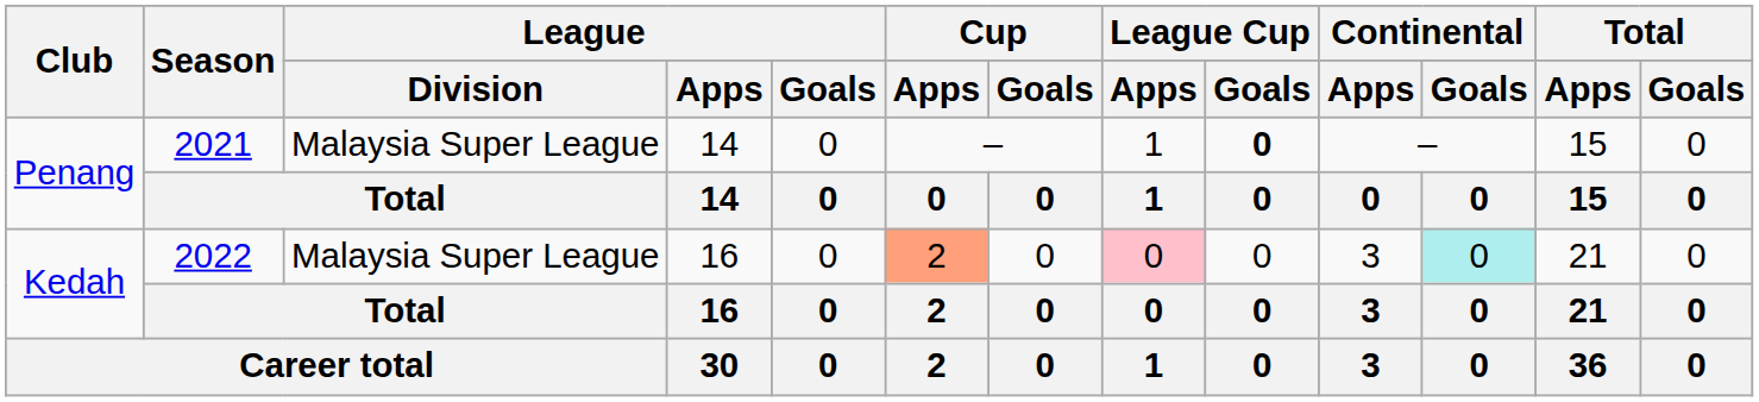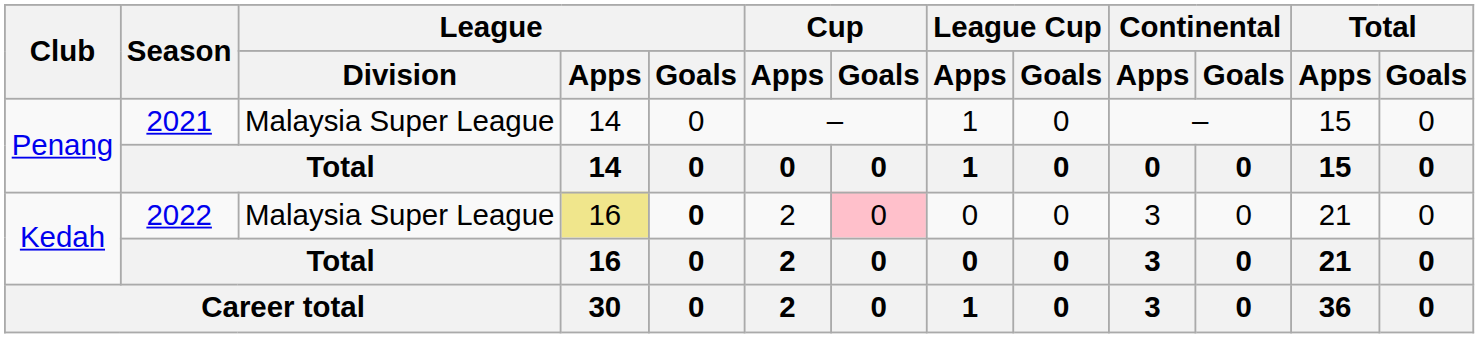 <table class=wikitable style="text-align:center">
 <tr>
 <th rowspan=2>Club</th>
 <th rowspan=2>Season</th>
 <th colspan=3>League</th>
 <th colspan=2>Cup</th>
 <th colspan=2>League Cup</th>
 <th colspan=2>Continental</th>
 <th colspan=2>Total</th>
 </tr>
 <tr>
 <th>Division</th>
 <th>Apps</th>
 <th>Goals</th>
 <th>Apps</th>
 <th>Goals</th>
 <th>Apps</th>
 <th>Goals</th>
 <th>Apps</th>
 <th>Goals</th>
 <th>Apps</th>
 <th>Goals</th>
 </tr>
 <tr>
 <td rowspan="2"><a href='#'>Penang</a></td>
 <td><a href='#'>2021</a></td>
 <td>Malaysia Super League</td>
 <td>14</td>
 <td>0</td>
 <td colspan="2">–</td>
 <td>1</td>
-<td><strong>0</strong></td>
+<td>0</td>
 <td colspan="2">–</td>
 <td>15</td>
 <td>0</td>
 </tr>
 <tr>
 <th colspan=2>Total</th>
 <th>14</th>
 <th>0</th>
 <th>0</th>
 <th>0</th>
 <th>1</th>
 <th>0</th>
 <th>0</th>
 <th>0</th>
 <th>15</th>
 <th>0</th>
 </tr>
 <tr>
 <td rowspan="2"><a href='#'>Kedah</a></td>
 <td><a href='#'>2022</a></td>
 <td>Malaysia Super League</td>
-<td>16</td>
-<td>0</td>
-<td style="background: lightsalmon;">2</td>
-<td>0</td>
+<td style="background: khaki;">16</td>
+<td><strong>0</strong></td>
+<td>2</td>
 <td style="background: pink;">0</td>
 <td>0</td>
+<td>0</td>
 <td>3</td>
-<td style="background: paleturquoise;">0</td>
+<td>0</td>
 <td>21</td>
 <td>0</td>
 </tr>
 <tr>
 <th colspan=2>Total</th>
 <th>16</th>
 <th>0</th>
 <th>2</th>
 <th>0</th>
 <th>0</th>
 <th>0</th>
 <th>3</th>
 <th>0</th>
 <th>21</th>
 <th>0</th>
 </tr>
 <tr>
 <th colspan=3>Career total</th>
 <th>30</th>
 <th>0</th>
 <th>2</th>
 <th>0</th>
 <th>1</th>
 <th>0</th>
 <th>3</th>
 <th>0</th>
 <th>36</th>
 <th>0</th>
 </tr>
 </table>
